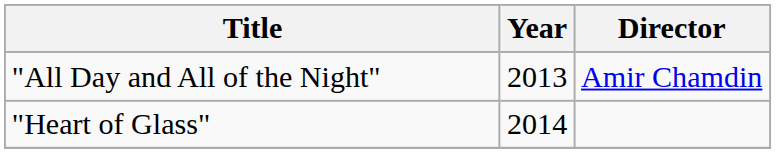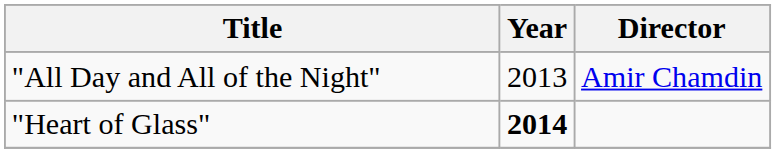 <table class="wikitable">
 <tr>
 <th scope="col" style="width:16em;">Title</th>
 <th>Year</th>
 <th>Director</th>
 </tr>
 <tr>
 <td scope="row">"All Day and All of the Night"</td>
 <td>2013</td>
 <td><a href='#'>Amir Chamdin</a></td>
 </tr>
 <tr>
 <td scope="row">"Heart of Glass"</td>
-<td>2014</td>
+<td><strong>2014</strong></td>
 <td></td>
 </tr>
 <tr>
 </tr>
 </table>
